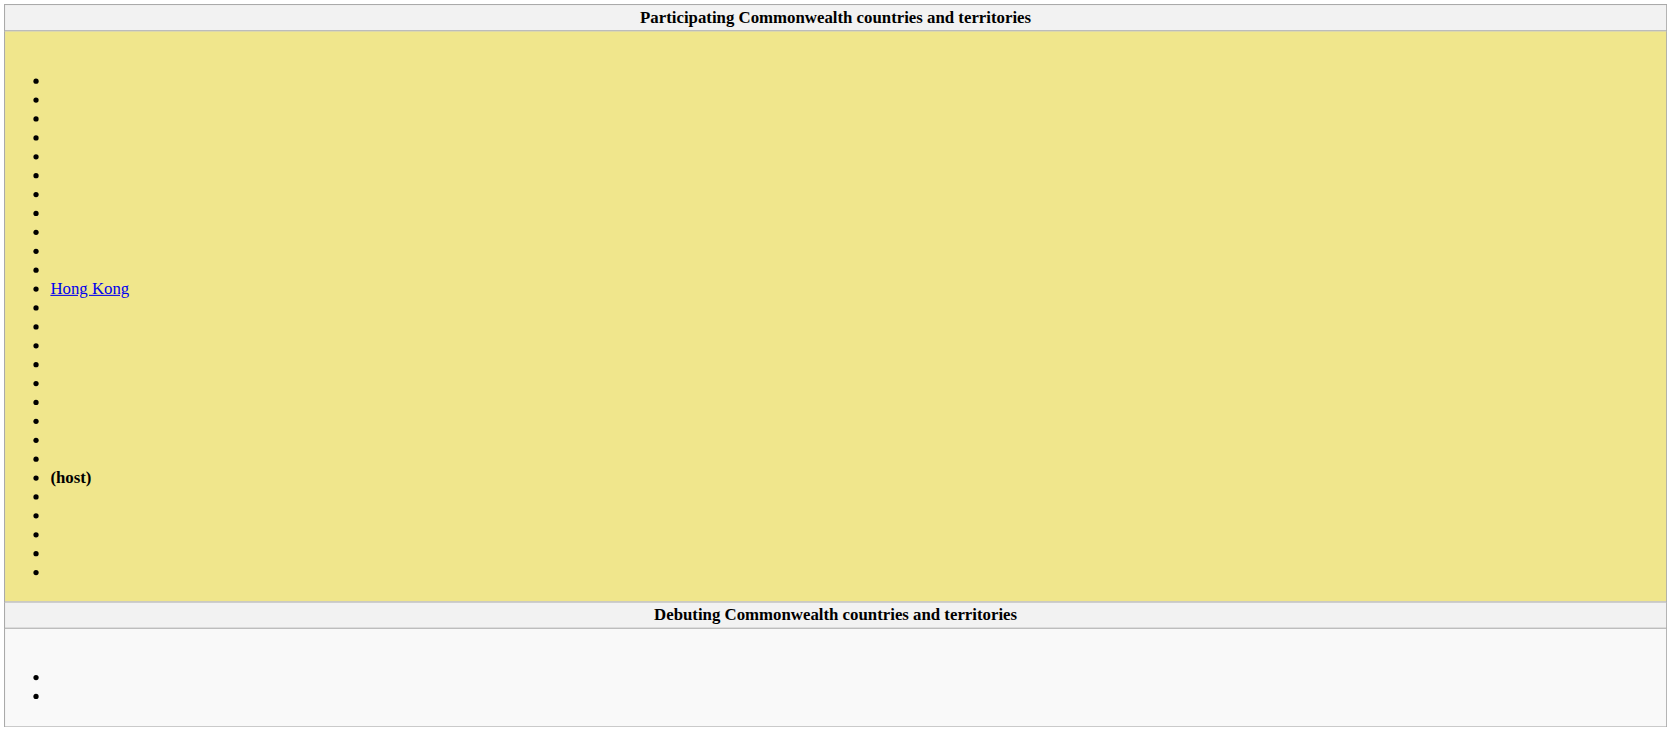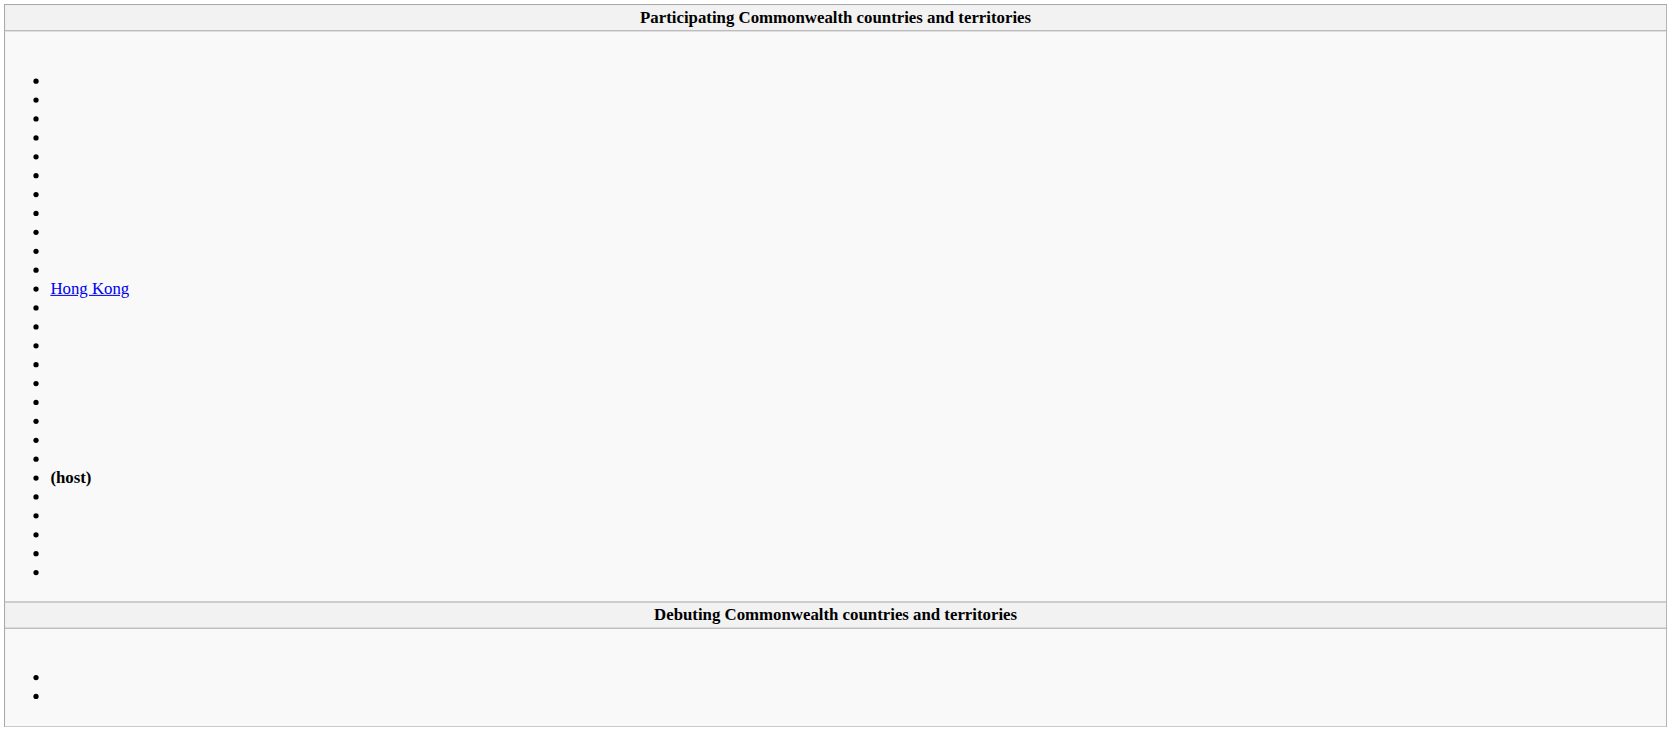 <table class="wikitable collapsible" style="width:100%;">
 <tr>
 <th>Participating Commonwealth countries and territories</th>
 </tr>
 <tr>
-<td style="background: khaki;"><br><ul><li></li><li></li><li></li><li></li><li></li><li></li><li></li><li></li><li></li><li></li><li></li><li> <a href='#'>Hong Kong</a></li><li></li><li></li><li></li><li></li><li></li><li></li><li></li><li></li><li></li><li> <strong>(host)</strong></li><li></li><li></li><li></li><li></li><li></li></ul> </td>
+<td><br><ul><li></li><li></li><li></li><li></li><li></li><li></li><li></li><li></li><li></li><li></li><li></li><li> <a href='#'>Hong Kong</a></li><li></li><li></li><li></li><li></li><li></li><li></li><li></li><li></li><li></li><li> <strong>(host)</strong></li><li></li><li></li><li></li><li></li><li></li></ul> </td>
 </tr>
 <tr>
 <th>Debuting Commonwealth countries and territories</th>
 </tr>
 <tr>
 <td valign="top"><br><ul><li></li><li></li></ul></td>
 </tr>
 </table>
